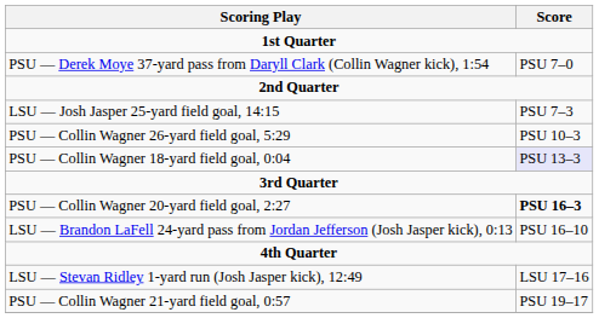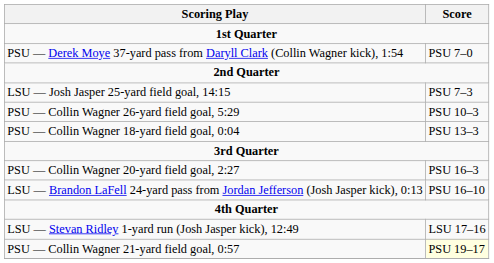 <table class="wikitable">
 <tr>
 <th>Scoring Play</th>
 <th>Score</th>
 </tr>
 <tr>
 <td colspan="4" align="center"><strong>1st Quarter</strong></td>
 </tr>
 <tr>
 <td>PSU — <a href='#'>Derek Moye</a> 37-yard pass from <a href='#'>Daryll Clark</a> (Collin Wagner kick), 1:54</td>
 <td>PSU 7–0</td>
 </tr>
 <tr>
 <td colspan="4" align="center"><strong>2nd Quarter</strong></td>
 </tr>
 <tr>
 <td>LSU — Josh Jasper 25-yard field goal, 14:15</td>
 <td>PSU 7–3</td>
 </tr>
 <tr>
 <td>PSU — Collin Wagner 26-yard field goal, 5:29</td>
 <td>PSU 10–3</td>
 </tr>
 <tr>
 <td>PSU — Collin Wagner 18-yard field goal, 0:04</td>
-<td style="background: lavender;">PSU 13–3</td>
+<td>PSU 13–3</td>
 </tr>
 <tr>
 <td colspan="4" align="center"><strong>3rd Quarter</strong></td>
 </tr>
 <tr>
 <td>PSU — Collin Wagner 20-yard field goal, 2:27</td>
-<td><strong>PSU 16–3</strong></td>
+<td>PSU 16–3</td>
 </tr>
 <tr>
 <td>LSU — <a href='#'>Brandon LaFell</a> 24-yard pass from <a href='#'>Jordan Jefferson</a> (Josh Jasper kick), 0:13</td>
 <td>PSU 16–10</td>
 </tr>
 <tr>
 <td colspan="4" align="center"><strong>4th Quarter</strong></td>
 </tr>
 <tr>
 <td>LSU — <a href='#'>Stevan Ridley</a> 1-yard run (Josh Jasper kick), 12:49</td>
 <td>LSU 17–16</td>
 </tr>
 <tr>
 <td>PSU — Collin Wagner 21-yard field goal, 0:57</td>
-<td>PSU 19–17</td>
+<td style="background: lightyellow;">PSU 19–17</td>
 </tr>
 <tr>
 </tr>
 </table>
